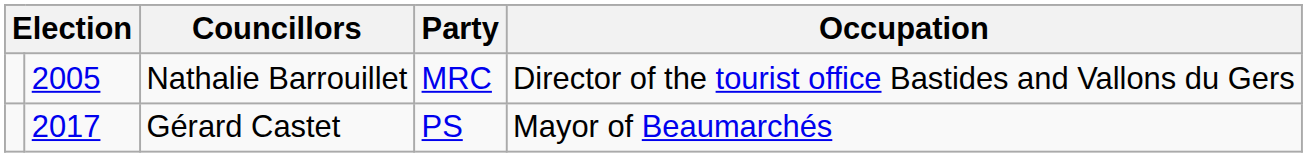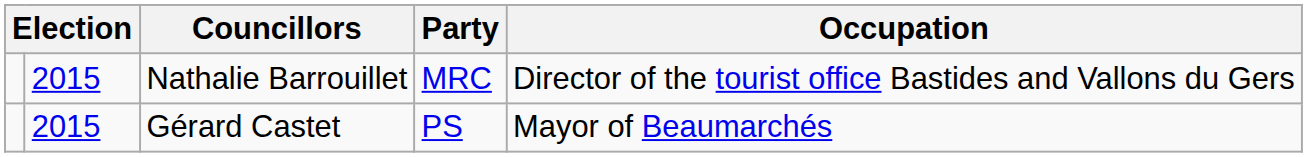 <table class="wikitable">
 <tr>
 <th colspan="2">Election</th>
 <th>Councillors</th>
 <th>Party</th>
 <th>Occupation</th>
 </tr>
 <tr>
 <td style="background-color: "></td>
-<td><a href='#'>2005</a></td>
+<td><a href='#'>2015</a></td>
 <td>Nathalie Barrouillet</td>
 <td><a href='#'>MRC</a></td>
 <td>Director of the <a href='#'>tourist office</a> Bastides and Vallons du Gers</td>
 </tr>
 <tr>
 <td style="background-color: "></td>
-<td><a href='#'>2017</a></td>
+<td><a href='#'>2015</a></td>
 <td>Gérard Castet</td>
 <td><a href='#'>PS</a></td>
 <td>Mayor of <a href='#'>Beaumarchés</a></td>
 </tr>
 </table>
